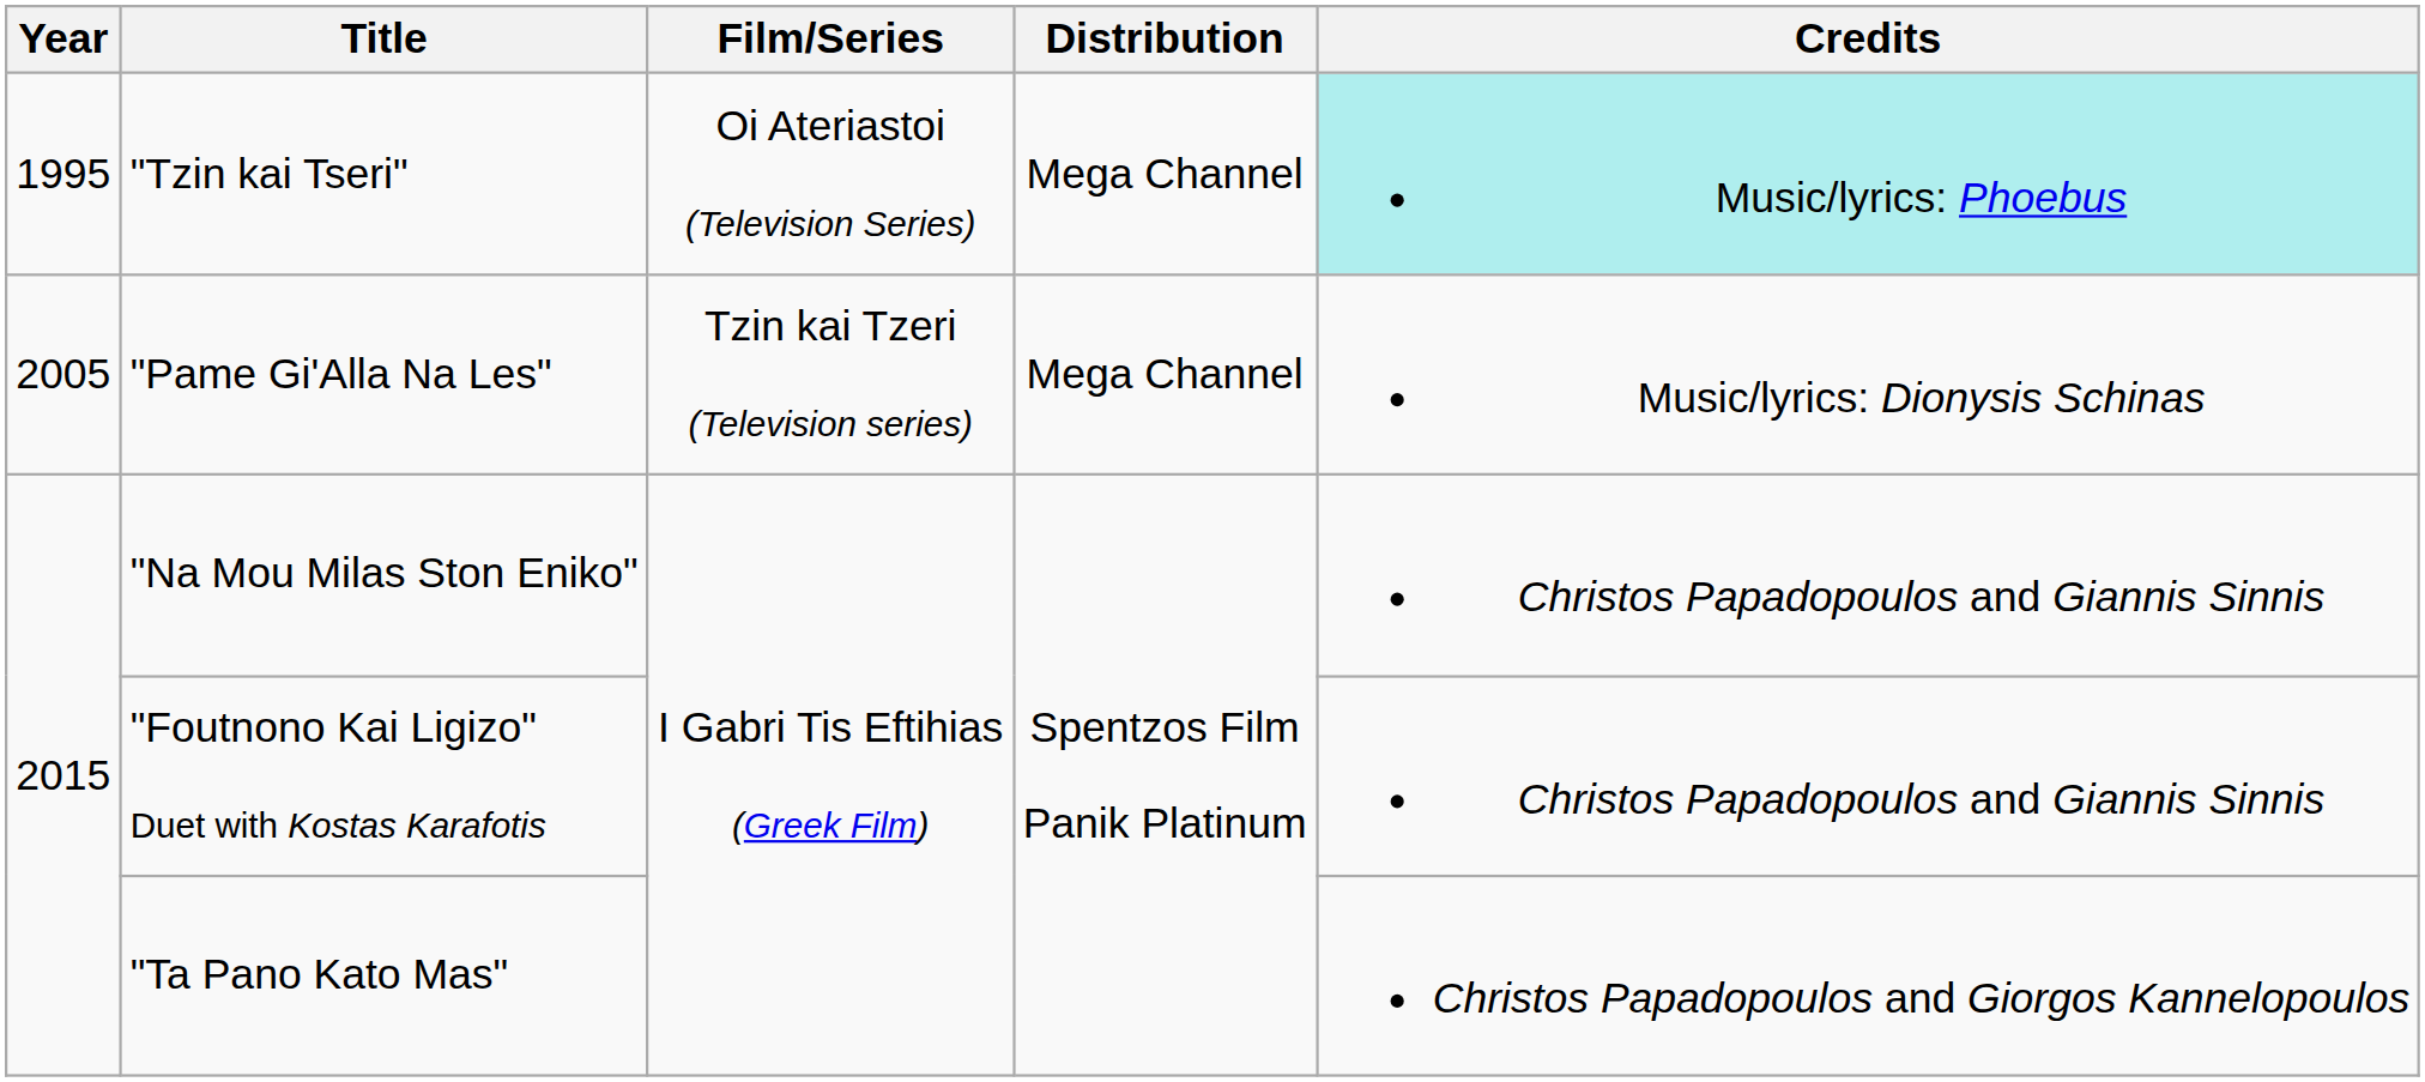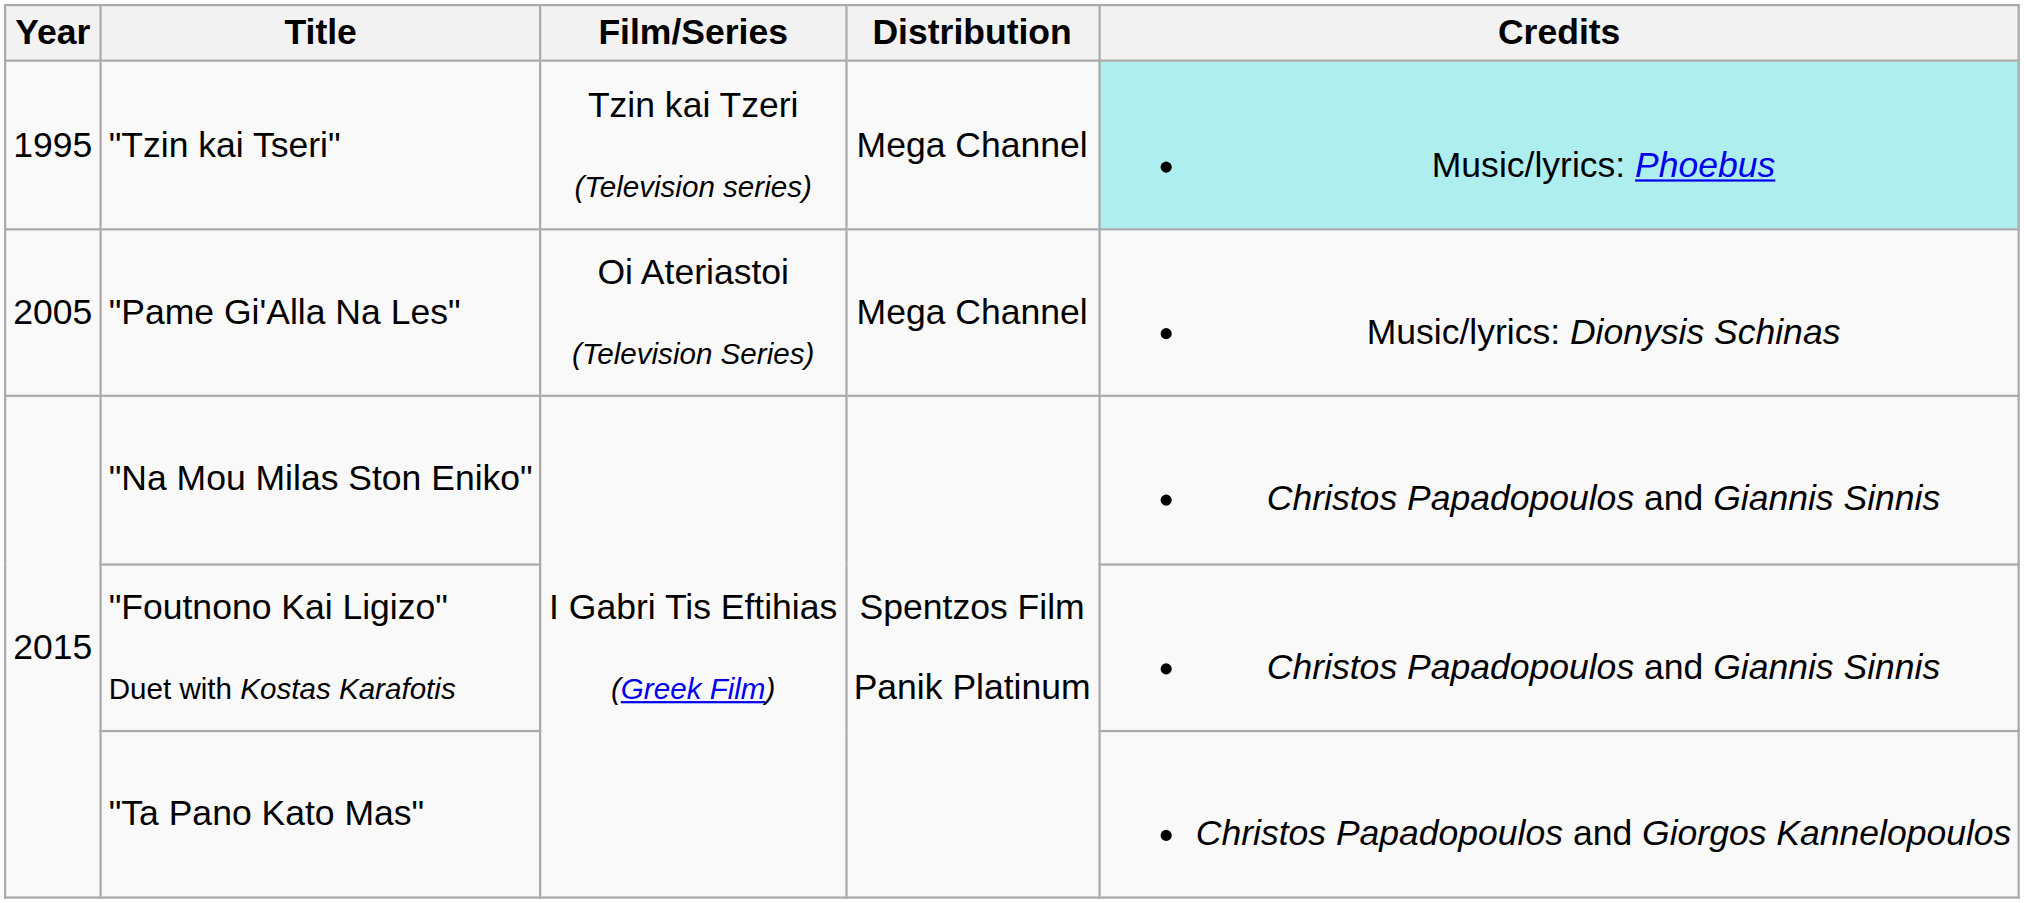 <table class="wikitable">
 <tr>
 <th>Year</th>
 <th>Title</th>
 <th>Film/Series</th>
 <th>Distribution</th>
 <th>Credits</th>
 </tr>
 <tr>
 <td>1995</td>
 <td style="text-align: left">"Tzin kai Tseri"</td>
-<td style="text-align: center">Oi Ateriastoi<br><br><em><small>(Television Series)</small></em></td>
+<td style="text-align: center">Tzin kai Tzeri <br><br><em><small>(Television series)</small></em></td>
 <td style="text-align: center">Mega Channel</td>
 <td style="background: paleturquoise; text-align: center"><br><ul><li>Music/lyrics: <em><a href='#'>Phoebus</a></em></li></ul></td>
 </tr>
 <tr>
 <td>2005</td>
 <td style="text-align: left">"Pame Gi'Alla Na Les"</td>
-<td style="text-align: center">Tzin kai Tzeri <br><br><em><small>(Television series)</small></em></td>
+<td style="text-align: center">Oi Ateriastoi<br><br><em><small>(Television Series)</small></em></td>
 <td style="text-align: center">Mega Channel</td>
 <td style="text-align: center"><br><ul><li>Music/lyrics: <em>Dionysis Schinas</em></li></ul></td>
 </tr>
 <tr>
 <td rowspan="3">2015</td>
 <td style="text-align: left; height: 4em;">"Na Mou Milas Ston Eniko"</td>
 <td rowspan="3" style="text-align: center">I Gabri Tis Eftihias <br><br><em><small> (<a href='#'>Greek Film</a>) </small></em></td>
 <td rowspan="3" style="text-align: center">Spentzos Film<br><br>Panik Platinum</td>
 <td style="text-align: center"><br><ul><li><em>Christos Papadopoulos</em> and <em>Giannis Sinnis</em></li></ul></td>
 </tr>
 <tr>
 <td style="text-align: left; height: 4em;">"Foutnono Kai Ligizo"<br><br><small>Duet with <em>Kostas Karafotis</em> </small></td>
 <td style="text-align: center"><br><ul><li><em>Christos Papadopoulos</em> and <em>Giannis Sinnis</em></li></ul></td>
 </tr>
 <tr>
 <td style="text-align: left; height: 4em;">"Ta Pano Kato Mas"</td>
 <td style="text-align: center"><br><ul><li><em>Christos Papadopoulos</em> and <em>Giorgos Kannelopoulos</em></li></ul></td>
 </tr>
 </table>
